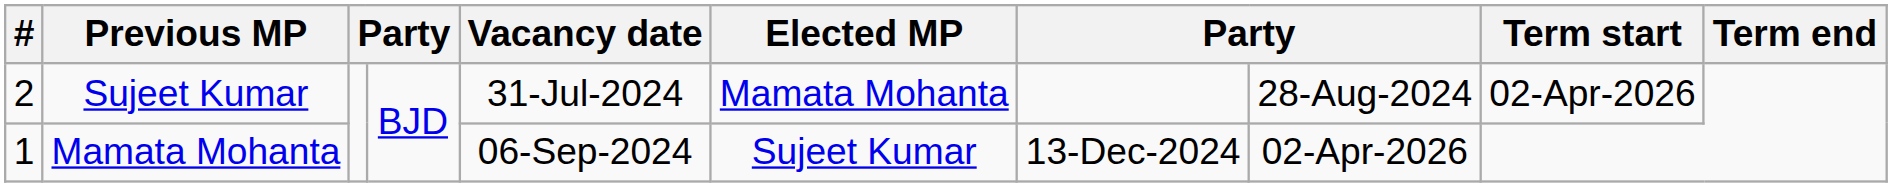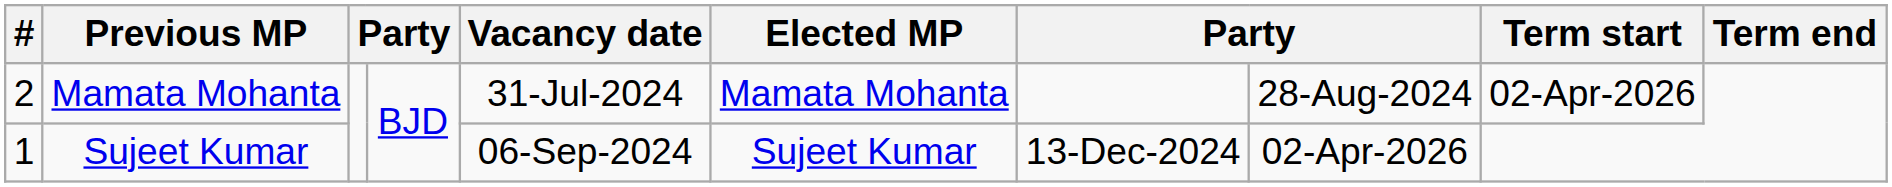 <table class="wikitable" style="text-align:center;">
 <tr>
 <th>#</th>
 <th>Previous MP</th>
 <th colspan="2">Party</th>
 <th>Vacancy date</th>
 <th>Elected MP</th>
 <th colspan="2">Party</th>
 <th>Term start</th>
 <th>Term end</th>
 </tr>
 <tr>
 <td>2</td>
-<td><a href='#'>Sujeet Kumar</a></td>
+<td><a href='#'>Mamata Mohanta</a></td>
 <td rowspan=2 style="background-color:"></td>
 <td rowspan="2"><a href='#'>BJD</a></td>
 <td>31-Jul-2024</td>
 <td><a href='#'>Mamata Mohanta</a></td>
 <td></td>
 <td>28-Aug-2024</td>
 <td>02-Apr-2026</td>
 </tr>
 <tr>
 <td>1</td>
-<td><a href='#'>Mamata Mohanta</a></td>
+<td><a href='#'>Sujeet Kumar</a></td>
 <td>06-Sep-2024</td>
 <td><a href='#'>Sujeet Kumar</a></td>
 <td>13-Dec-2024</td>
 <td>02-Apr-2026</td>
 </tr>
 </table>
